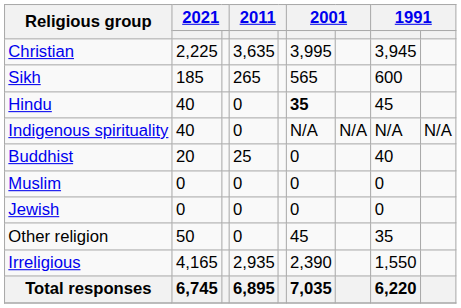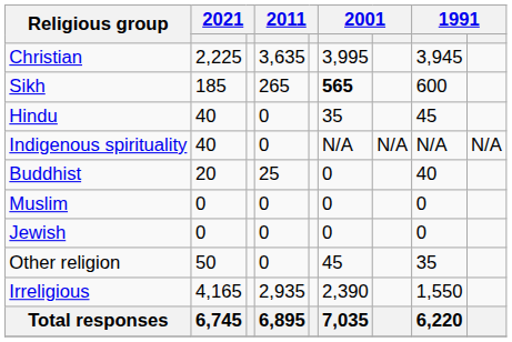 <table class="wikitable collapsible sortable">
 <tr>
 <th rowspan="2">Religious group</th>
 <th colspan="2"><a href='#'>2021</a></th>
 <th colspan="2"><a href='#'>2011</a></th>
 <th colspan="2"><a href='#'>2001</a></th>
 <th colspan="2"><a href='#'>1991</a></th>
 </tr>
 <tr>
 <th><a href='#'></a></th>
 <th></th>
 <th></th>
 <th></th>
 <th></th>
 <th></th>
 <th></th>
 <th></th>
 </tr>
 <tr>
 <td><a href='#'>Christian</a></td>
 <td>2,225</td>
 <td></td>
 <td>3,635</td>
 <td></td>
 <td>3,995</td>
 <td></td>
 <td>3,945</td>
 <td></td>
 </tr>
 <tr>
 <td><a href='#'>Sikh</a></td>
 <td>185</td>
 <td></td>
 <td>265</td>
 <td></td>
-<td>565</td>
+<td><strong>565</strong></td>
 <td></td>
 <td>600</td>
 <td></td>
 </tr>
 <tr>
 <td><a href='#'>Hindu</a></td>
 <td>40</td>
 <td></td>
 <td>0</td>
 <td></td>
-<td><strong>35</strong></td>
+<td>35</td>
 <td></td>
 <td>45</td>
 <td></td>
 </tr>
 <tr>
 <td><a href='#'>Indigenous spirituality</a></td>
 <td>40</td>
 <td></td>
 <td>0</td>
 <td></td>
 <td>N/A</td>
 <td>N/A</td>
 <td>N/A</td>
 <td>N/A</td>
 </tr>
 <tr>
 <td><a href='#'>Buddhist</a></td>
 <td>20</td>
 <td></td>
 <td>25</td>
 <td></td>
 <td>0</td>
 <td></td>
 <td>40</td>
 <td></td>
 </tr>
 <tr>
 <td><a href='#'>Muslim</a></td>
 <td>0</td>
 <td></td>
 <td>0</td>
 <td></td>
 <td>0</td>
 <td></td>
 <td>0</td>
 <td></td>
 </tr>
 <tr>
 <td><a href='#'>Jewish</a></td>
 <td>0</td>
 <td></td>
 <td>0</td>
 <td></td>
 <td>0</td>
 <td></td>
 <td>0</td>
 <td></td>
 </tr>
 <tr>
 <td>Other religion</td>
 <td>50</td>
 <td></td>
 <td>0</td>
 <td></td>
 <td>45</td>
 <td></td>
 <td>35</td>
 <td></td>
 </tr>
 <tr>
 <td><a href='#'>Irreligious</a></td>
 <td>4,165</td>
 <td></td>
 <td>2,935</td>
 <td></td>
 <td>2,390</td>
 <td></td>
 <td>1,550</td>
 <td></td>
 </tr>
 <tr class="sortbottom">
 <th>Total responses</th>
 <th>6,745</th>
 <th></th>
 <th>6,895</th>
 <th></th>
 <th>7,035</th>
 <th></th>
 <th>6,220</th>
 <th></th>
 </tr>
 <tr>
 </tr>
 </table>
